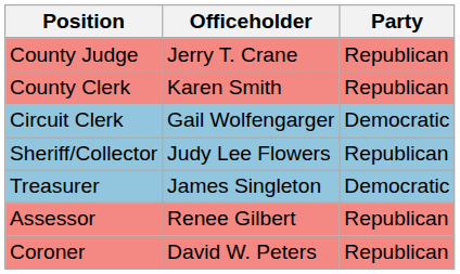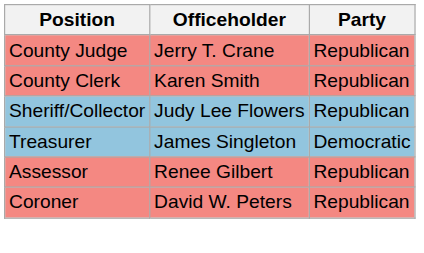 <table class="wikitable">
 <tr>
 <th>Position</th>
 <th>Officeholder</th>
 <th>Party</th>
 </tr>
 <tr style="background-color:#F48882;">
 <td>County Judge</td>
 <td>Jerry T. Crane</td>
 <td>Republican</td>
 </tr>
 <tr style="background-color:#F48882;">
 <td>County Clerk</td>
 <td>Karen Smith</td>
 <td>Republican</td>
-</tr>
-<tr style="background-color:#92C5DE;">
-<td>Circuit Clerk</td>
-<td>Gail Wolfengarger</td>
-<td>Democratic</td>
 </tr>
 <tr style="background-color:#92C5DE;">
 <td>Sheriff/Collector</td>
 <td>Judy Lee Flowers</td>
 <td>Republican</td>
 </tr>
 <tr style="background-color:#92C5DE;">
 <td>Treasurer</td>
 <td>James Singleton</td>
 <td>Democratic</td>
 </tr>
 <tr style="background-color:#F48882;">
 <td>Assessor</td>
 <td>Renee Gilbert</td>
 <td>Republican</td>
 </tr>
 <tr style="background-color:#F48882;">
 <td>Coroner</td>
 <td>David W. Peters</td>
 <td>Republican</td>
 </tr>
 </table>
